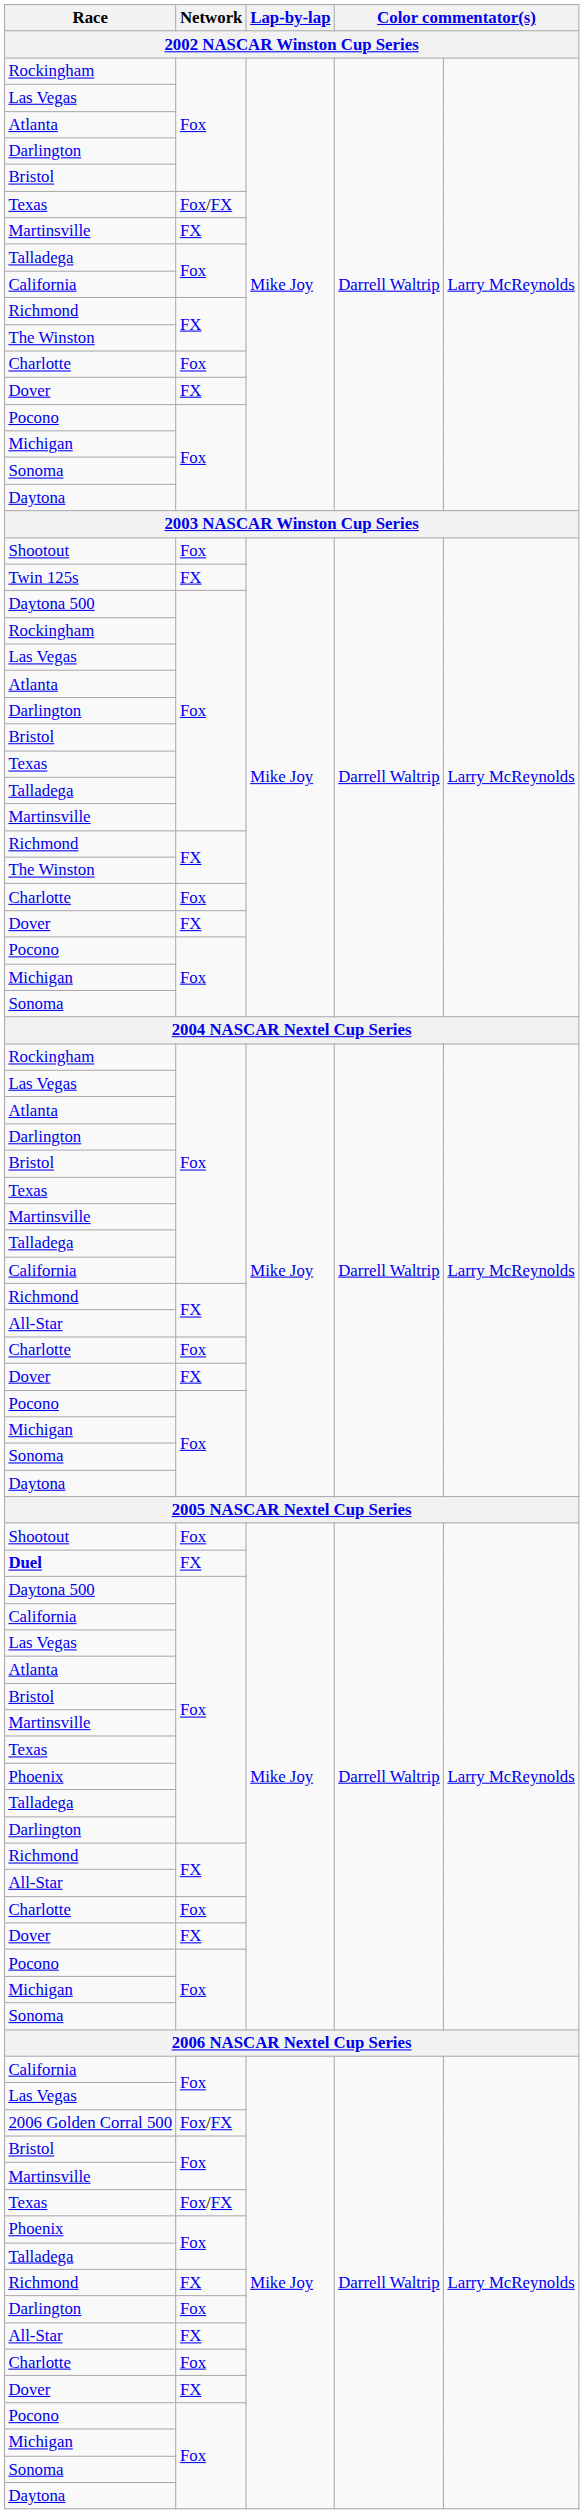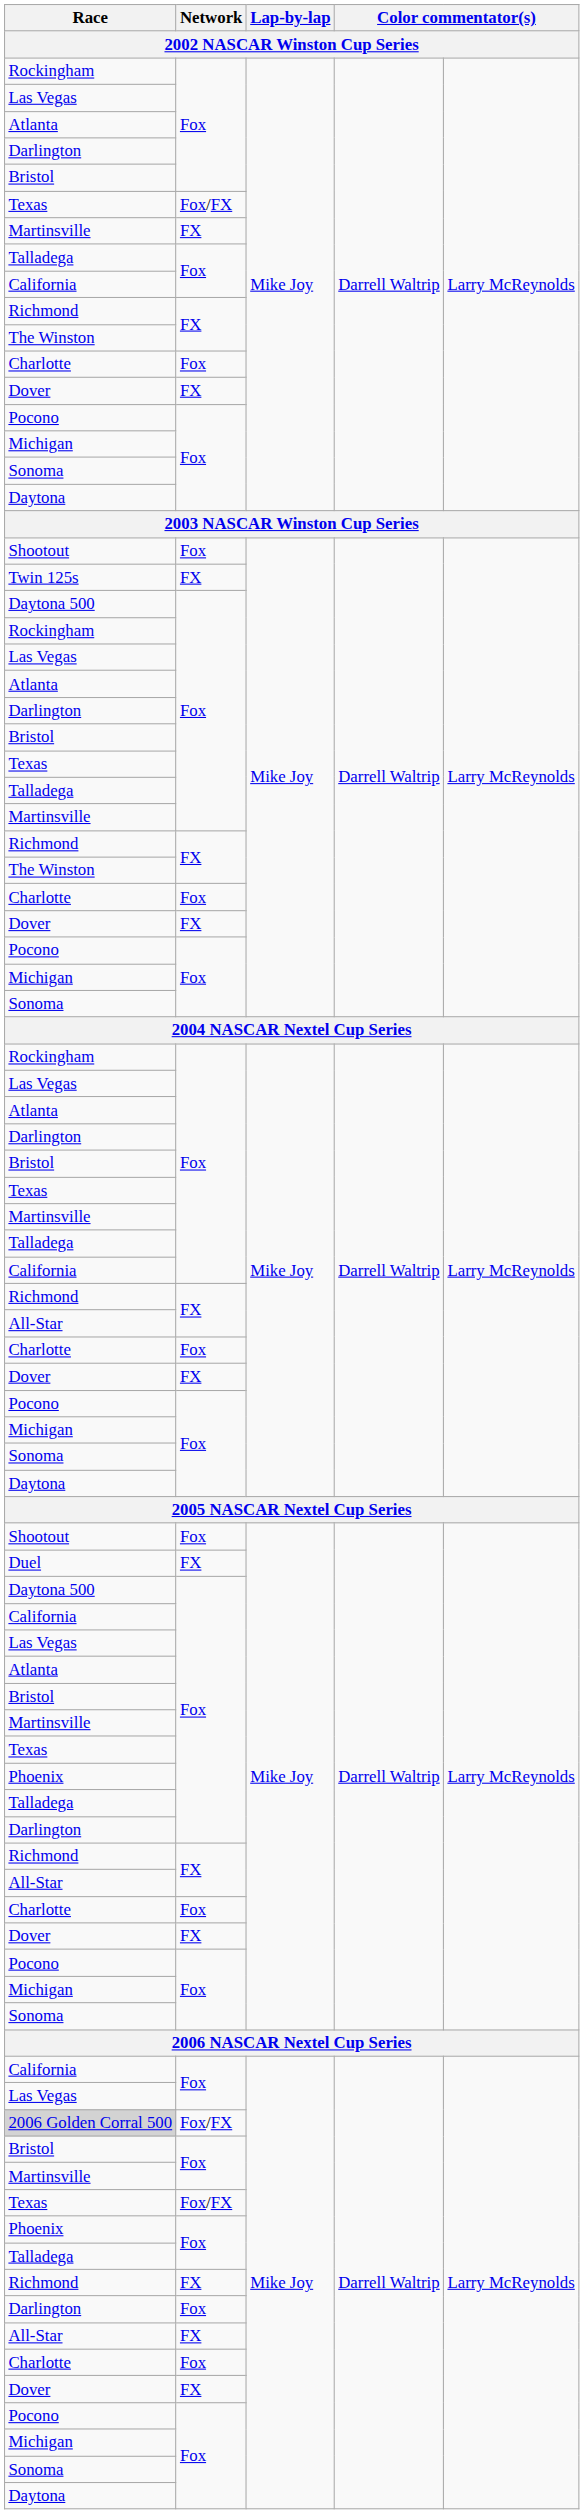 <table class="wikitable">
 <tr>
 <th>Race</th>
 <th>Network</th>
 <th><a href='#'>Lap-by-lap</a></th>
 <th colspan=2><a href='#'>Color commentator(s)</a></th>
 </tr>
 <tr>
 <th colspan=5><a href='#'>2002 NASCAR Winston Cup Series</a></th>
 </tr>
 <tr>
 <td><a href='#'>Rockingham</a></td>
 <td rowspan=5><a href='#'>Fox</a></td>
 <td rowspan=17><a href='#'>Mike Joy</a></td>
 <td rowspan=17><a href='#'>Darrell Waltrip</a></td>
 <td rowspan=17><a href='#'>Larry McReynolds</a></td>
 </tr>
 <tr>
 <td><a href='#'>Las Vegas</a></td>
 </tr>
 <tr>
 <td><a href='#'>Atlanta</a></td>
 </tr>
 <tr>
 <td><a href='#'>Darlington</a></td>
 </tr>
 <tr>
 <td><a href='#'>Bristol</a></td>
 </tr>
 <tr>
 <td><a href='#'>Texas</a></td>
 <td><a href='#'>Fox</a>/<a href='#'>FX</a></td>
 </tr>
 <tr>
 <td><a href='#'>Martinsville</a></td>
 <td><a href='#'>FX</a></td>
 </tr>
 <tr>
 <td><a href='#'>Talladega</a></td>
 <td rowspan=2><a href='#'>Fox</a></td>
 </tr>
 <tr>
 <td><a href='#'>California</a></td>
 </tr>
 <tr>
 <td><a href='#'>Richmond</a></td>
 <td rowspan=2><a href='#'>FX</a></td>
 </tr>
 <tr>
 <td><a href='#'>The Winston</a></td>
 </tr>
 <tr>
 <td><a href='#'>Charlotte</a></td>
 <td><a href='#'>Fox</a></td>
 </tr>
 <tr>
 <td><a href='#'>Dover</a></td>
 <td><a href='#'>FX</a></td>
 </tr>
 <tr>
 <td><a href='#'>Pocono</a></td>
 <td rowspan=4><a href='#'>Fox</a></td>
 </tr>
 <tr>
 <td><a href='#'>Michigan</a></td>
 </tr>
 <tr>
 <td><a href='#'>Sonoma</a></td>
 </tr>
 <tr>
 <td><a href='#'>Daytona</a></td>
 </tr>
 <tr>
 <th colspan=5><a href='#'>2003 NASCAR Winston Cup Series</a></th>
 </tr>
 <tr>
 <td><a href='#'>Shootout</a></td>
 <td><a href='#'>Fox</a></td>
 <td rowspan=18><a href='#'>Mike Joy</a></td>
 <td rowspan=18><a href='#'>Darrell Waltrip</a></td>
 <td rowspan=18><a href='#'>Larry McReynolds</a></td>
 </tr>
 <tr>
 <td><a href='#'>Twin 125s</a></td>
 <td><a href='#'>FX</a></td>
 </tr>
 <tr>
 <td><a href='#'>Daytona 500</a></td>
 <td rowspan=9><a href='#'>Fox</a></td>
 </tr>
 <tr>
 <td><a href='#'>Rockingham</a></td>
 </tr>
 <tr>
 <td><a href='#'>Las Vegas</a></td>
 </tr>
 <tr>
 <td><a href='#'>Atlanta</a></td>
 </tr>
 <tr>
 <td><a href='#'>Darlington</a></td>
 </tr>
 <tr>
 <td><a href='#'>Bristol</a></td>
 </tr>
 <tr>
 <td><a href='#'>Texas</a></td>
 </tr>
 <tr>
 <td><a href='#'>Talladega</a></td>
 </tr>
 <tr>
 <td><a href='#'>Martinsville</a></td>
 </tr>
 <tr>
 <td><a href='#'>Richmond</a></td>
 <td rowspan=2><a href='#'>FX</a></td>
 </tr>
 <tr>
 <td><a href='#'>The Winston</a></td>
 </tr>
 <tr>
 <td><a href='#'>Charlotte</a></td>
 <td><a href='#'>Fox</a></td>
 </tr>
 <tr>
 <td><a href='#'>Dover</a></td>
 <td><a href='#'>FX</a></td>
 </tr>
 <tr>
 <td><a href='#'>Pocono</a></td>
 <td rowspan=3><a href='#'>Fox</a></td>
 </tr>
 <tr>
 <td><a href='#'>Michigan</a></td>
 </tr>
 <tr>
 <td><a href='#'>Sonoma</a></td>
 </tr>
 <tr>
 <th colspan=5><a href='#'>2004 NASCAR Nextel Cup Series</a></th>
 </tr>
 <tr>
 <td><a href='#'>Rockingham</a></td>
 <td rowspan=9><a href='#'>Fox</a></td>
 <td rowspan=17><a href='#'>Mike Joy</a></td>
 <td rowspan=17><a href='#'>Darrell Waltrip</a></td>
 <td rowspan=17><a href='#'>Larry McReynolds</a></td>
 </tr>
 <tr>
 <td><a href='#'>Las Vegas</a></td>
 </tr>
 <tr>
 <td><a href='#'>Atlanta</a></td>
 </tr>
 <tr>
 <td><a href='#'>Darlington</a></td>
 </tr>
 <tr>
 <td><a href='#'>Bristol</a></td>
 </tr>
 <tr>
 <td><a href='#'>Texas</a></td>
 </tr>
 <tr>
 <td><a href='#'>Martinsville</a></td>
 </tr>
 <tr>
 <td><a href='#'>Talladega</a></td>
 </tr>
 <tr>
 <td><a href='#'>California</a></td>
 </tr>
 <tr>
 <td><a href='#'>Richmond</a></td>
 <td rowspan=2><a href='#'>FX</a></td>
 </tr>
 <tr>
 <td><a href='#'>All-Star</a></td>
 </tr>
 <tr>
 <td><a href='#'>Charlotte</a></td>
 <td><a href='#'>Fox</a></td>
 </tr>
 <tr>
 <td><a href='#'>Dover</a></td>
 <td><a href='#'>FX</a></td>
 </tr>
 <tr>
 <td><a href='#'>Pocono</a></td>
 <td rowspan=4><a href='#'>Fox</a></td>
 </tr>
 <tr>
 <td><a href='#'>Michigan</a></td>
 </tr>
 <tr>
 <td><a href='#'>Sonoma</a></td>
 </tr>
 <tr>
 <td><a href='#'>Daytona</a></td>
 </tr>
 <tr>
 <th colspan=5><a href='#'>2005 NASCAR Nextel Cup Series</a></th>
 </tr>
 <tr>
 <td><a href='#'>Shootout</a></td>
 <td><a href='#'>Fox</a></td>
 <td rowspan=19><a href='#'>Mike Joy</a></td>
 <td rowspan=19><a href='#'>Darrell Waltrip</a></td>
 <td rowspan=19><a href='#'>Larry McReynolds</a></td>
 </tr>
 <tr>
-<td><strong><a href='#'>Duel</a></strong></td>
+<td><a href='#'>Duel</a></td>
 <td><a href='#'>FX</a></td>
 </tr>
 <tr>
 <td><a href='#'>Daytona 500</a></td>
 <td rowspan=10><a href='#'>Fox</a></td>
 </tr>
 <tr>
 <td><a href='#'>California</a></td>
 </tr>
 <tr>
 <td><a href='#'>Las Vegas</a></td>
 </tr>
 <tr>
 <td><a href='#'>Atlanta</a></td>
 </tr>
 <tr>
 <td><a href='#'>Bristol</a></td>
 </tr>
 <tr>
 <td><a href='#'>Martinsville</a></td>
 </tr>
 <tr>
 <td><a href='#'>Texas</a></td>
 </tr>
 <tr>
 <td><a href='#'>Phoenix</a></td>
 </tr>
 <tr>
 <td><a href='#'>Talladega</a></td>
 </tr>
 <tr>
 <td><a href='#'>Darlington</a></td>
 </tr>
 <tr>
 <td><a href='#'>Richmond</a></td>
 <td rowspan=2><a href='#'>FX</a></td>
 </tr>
 <tr>
 <td><a href='#'>All-Star</a></td>
 </tr>
 <tr>
 <td><a href='#'>Charlotte</a></td>
 <td><a href='#'>Fox</a></td>
 </tr>
 <tr>
 <td><a href='#'>Dover</a></td>
 <td><a href='#'>FX</a></td>
 </tr>
 <tr>
 <td><a href='#'>Pocono</a></td>
 <td rowspan=3><a href='#'>Fox</a></td>
 </tr>
 <tr>
 <td><a href='#'>Michigan</a></td>
 </tr>
 <tr>
 <td><a href='#'>Sonoma</a></td>
 </tr>
 <tr>
 <th colspan=5><a href='#'>2006 NASCAR Nextel Cup Series</a></th>
 </tr>
 <tr>
 <td><a href='#'>California</a></td>
 <td rowspan=2><a href='#'>Fox</a></td>
 <td rowspan=17><a href='#'>Mike Joy</a></td>
 <td rowspan=17><a href='#'>Darrell Waltrip</a></td>
 <td rowspan=17><a href='#'>Larry McReynolds</a></td>
 </tr>
 <tr>
 <td><a href='#'>Las Vegas</a></td>
 </tr>
 <tr>
-<td><a href='#'>2006 Golden Corral 500</a></td>
+<td style="background: lightgrey;"><a href='#'>2006 Golden Corral 500</a></td>
 <td><a href='#'>Fox</a>/<a href='#'>FX</a></td>
 </tr>
 <tr>
 <td><a href='#'>Bristol</a></td>
 <td rowspan=2><a href='#'>Fox</a></td>
 </tr>
 <tr>
 <td><a href='#'>Martinsville</a></td>
 </tr>
 <tr>
 <td><a href='#'>Texas</a></td>
 <td><a href='#'>Fox</a>/<a href='#'>FX</a></td>
 </tr>
 <tr>
 <td><a href='#'>Phoenix</a></td>
 <td rowspan=2><a href='#'>Fox</a></td>
 </tr>
 <tr>
 <td><a href='#'>Talladega</a></td>
 </tr>
 <tr>
 <td><a href='#'>Richmond</a></td>
 <td><a href='#'>FX</a></td>
 </tr>
 <tr>
 <td><a href='#'>Darlington</a></td>
 <td><a href='#'>Fox</a></td>
 </tr>
 <tr>
 <td><a href='#'>All-Star</a></td>
 <td><a href='#'>FX</a></td>
 </tr>
 <tr>
 <td><a href='#'>Charlotte</a></td>
 <td><a href='#'>Fox</a></td>
 </tr>
 <tr>
 <td><a href='#'>Dover</a></td>
 <td><a href='#'>FX</a></td>
 </tr>
 <tr>
 <td><a href='#'>Pocono</a></td>
 <td rowspan=4><a href='#'>Fox</a></td>
 </tr>
 <tr>
 <td><a href='#'>Michigan</a></td>
 </tr>
 <tr>
 <td><a href='#'>Sonoma</a></td>
 </tr>
 <tr>
 <td><a href='#'>Daytona</a></td>
 </tr>
 </table>
